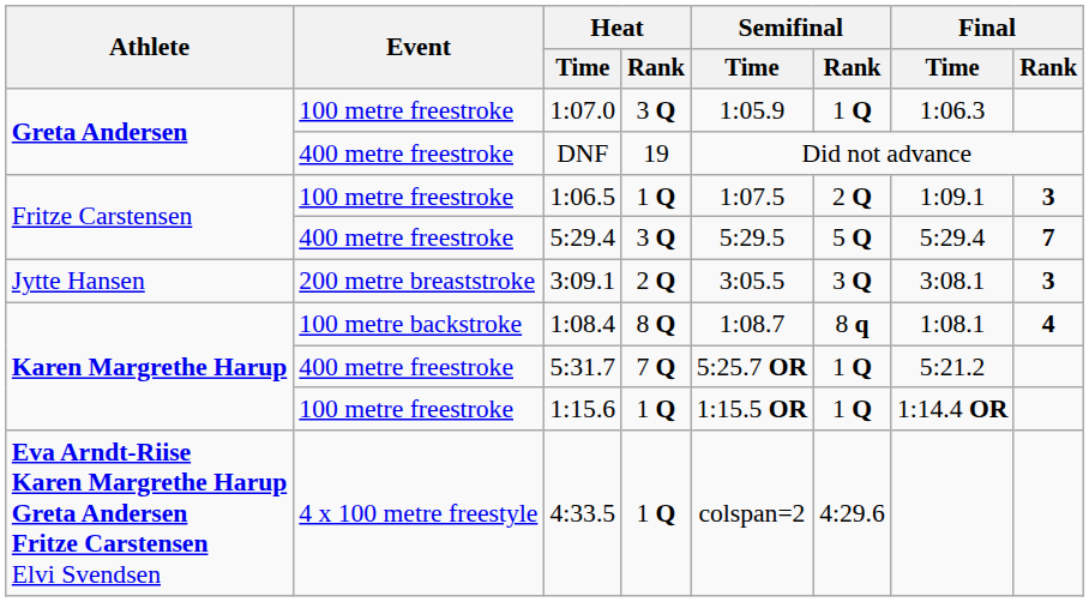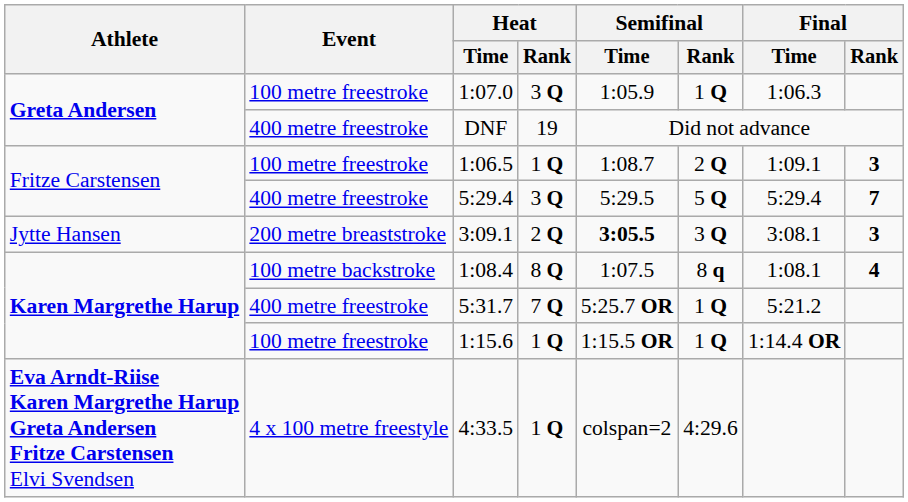 <table class=wikitable style="font-size:90%">
 <tr>
 <th rowspan="2">Athlete</th>
 <th rowspan="2">Event</th>
 <th colspan="2">Heat</th>
 <th colspan="2">Semifinal</th>
 <th colspan="2">Final</th>
 </tr>
 <tr style="font-size:95%">
 <th>Time</th>
 <th>Rank</th>
 <th>Time</th>
 <th>Rank</th>
 <th>Time</th>
 <th>Rank</th>
 </tr>
 <tr align=center>
 <td align=left rowspan=2><strong><a href='#'>Greta Andersen</a></strong></td>
 <td align=left><a href='#'>100 metre freestroke</a></td>
 <td>1:07.0</td>
 <td>3 <strong>Q</strong></td>
 <td>1:05.9</td>
 <td>1 <strong>Q</strong></td>
 <td>1:06.3</td>
 <td></td>
 </tr>
 <tr align=center>
 <td align=left><a href='#'>400 metre freestroke</a></td>
 <td>DNF</td>
 <td>19</td>
 <td colspan=4>Did not advance</td>
 </tr>
 <tr align=center>
 <td align=left rowspan=2><a href='#'>Fritze Carstensen</a></td>
 <td align=left><a href='#'>100 metre freestroke</a></td>
 <td>1:06.5</td>
 <td>1 <strong>Q</strong></td>
-<td>1:07.5</td>
+<td>1:08.7</td>
 <td>2 <strong>Q</strong></td>
 <td>1:09.1</td>
 <td><strong>3</strong></td>
 </tr>
 <tr align=center>
 <td align=left><a href='#'>400 metre freestroke</a></td>
 <td>5:29.4</td>
 <td>3 <strong>Q</strong></td>
 <td>5:29.5</td>
 <td>5 <strong>Q</strong></td>
 <td>5:29.4</td>
 <td><strong>7</strong></td>
 </tr>
 <tr align=center>
 <td align=left rowspan=1><a href='#'>Jytte Hansen</a></td>
 <td align=left><a href='#'>200 metre breaststroke</a></td>
 <td>3:09.1</td>
 <td>2 <strong>Q</strong></td>
-<td>3:05.5</td>
+<td><strong>3:05.5</strong></td>
 <td>3 <strong>Q</strong></td>
 <td>3:08.1</td>
 <td><strong>3</strong></td>
 </tr>
 <tr align=center>
 <td align=left rowspan=3><strong><a href='#'>Karen Margrethe Harup</a></strong></td>
 <td align=left><a href='#'>100 metre backstroke</a></td>
 <td>1:08.4</td>
 <td>8 <strong>Q</strong></td>
-<td>1:08.7</td>
+<td>1:07.5</td>
 <td>8 <strong>q</strong></td>
 <td>1:08.1</td>
 <td><strong>4</strong></td>
 </tr>
 <tr align=center>
 <td align=left><a href='#'>400 metre freestroke</a></td>
 <td>5:31.7</td>
 <td>7 <strong>Q</strong></td>
 <td>5:25.7 <strong>OR</strong></td>
 <td>1 <strong>Q</strong></td>
 <td>5:21.2</td>
 <td></td>
 </tr>
 <tr align=center>
 <td align=left><a href='#'>100 metre freestroke</a></td>
 <td>1:15.6</td>
 <td>1 <strong>Q</strong></td>
 <td>1:15.5 <strong>OR</strong></td>
 <td>1 <strong>Q</strong></td>
 <td>1:14.4 <strong>OR</strong></td>
 <td></td>
 </tr>
 <tr align=center>
 <td align=left rowspan=1><strong><a href='#'>Eva Arndt-Riise</a><br><a href='#'>Karen Margrethe Harup</a><br><a href='#'>Greta Andersen</a><br><a href='#'>Fritze Carstensen</a></strong><br><a href='#'>Elvi Svendsen</a></td>
 <td align=left><a href='#'>4 x 100 metre freestyle</a></td>
 <td>4:33.5</td>
 <td>1 <strong>Q</strong></td>
 <td>colspan=2 </td>
 <td>4:29.6</td>
 <td></td>
 </tr>
 </table>
